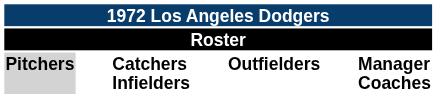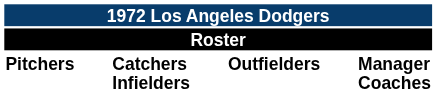 <table class="toccolours" style="font-size: 95%;">
 <tr>
 <th colspan="10" style="background-color: #083c6b; color: white; text-align: center;">1972 Los Angeles Dodgers</th>
 </tr>
 <tr>
 <td colspan="10" style="background-color: black; color: white; text-align: center;"><strong>Roster</strong></td>
 </tr>
 <tr>
-<td valign="top" style="background: lightgrey;"><strong>Pitchers</strong><br>                            </td>
+<td valign="top"><strong>Pitchers</strong><br>                            </td>
 <td width="25px"></td>
 <td valign="top"><strong>Catchers</strong><br>     <strong>Infielders</strong>            </td>
 <td width="25px"></td>
 <td valign="top"><strong>Outfielders</strong><br>    </td>
 <td width="25px"></td>
 <td valign="top"><strong>Manager</strong><br> <strong>Coaches</strong>      </td>
 </tr>
 </table>
